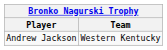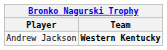 <table class="wikitable" style="text-align: center;">
 <tr>
 <th colspan="2"><strong><a href='#'>Bronko Nagurski Trophy</a></strong></th>
 </tr>
 <tr>
 <th>Player</th>
 <th>Team</th>
 </tr>
 <tr>
 <td>Andrew Jackson</td>
-<td>Western Kentucky</td>
+<td><strong>Western Kentucky</strong></td>
 </tr>
 </table>
